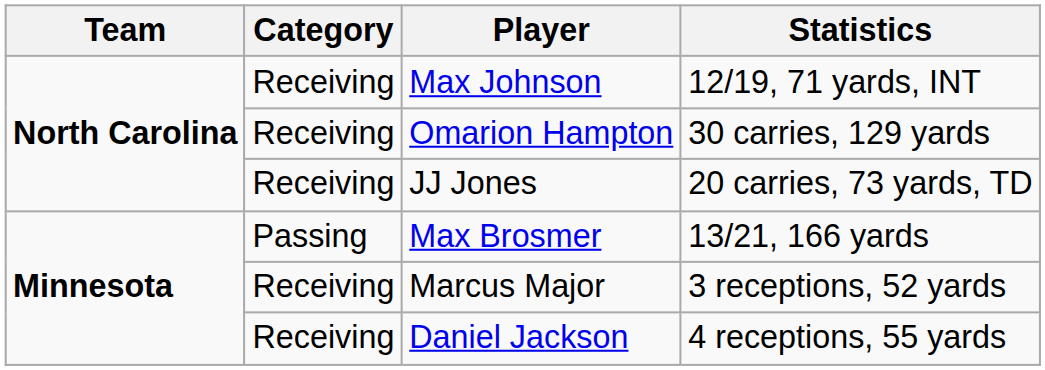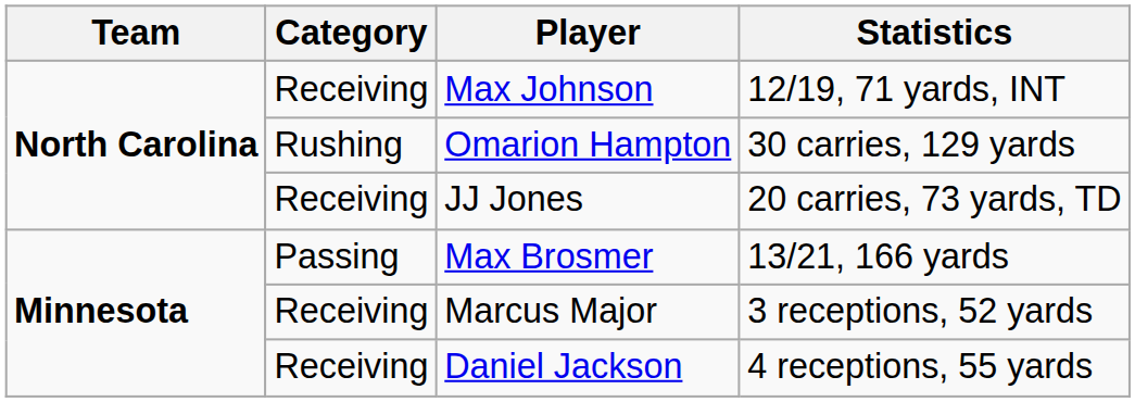 <table class="wikitable" style="float: right;">
 <tr>
 <th>Team</th>
 <th>Category</th>
 <th>Player</th>
 <th>Statistics</th>
 </tr>
 <tr>
 <td rowspan=3><strong>North Carolina</strong></td>
 <td>Receiving</td>
 <td><a href='#'>Max Johnson</a></td>
 <td>12/19, 71 yards, INT</td>
 </tr>
 <tr>
-<td>Receiving</td>
+<td>Rushing</td>
 <td><a href='#'>Omarion Hampton</a></td>
 <td>30 carries, 129 yards</td>
 </tr>
 <tr>
 <td>Receiving</td>
 <td>JJ Jones</td>
 <td>20 carries, 73 yards, TD</td>
 </tr>
 <tr>
 <td rowspan=3><strong>Minnesota</strong></td>
 <td>Passing</td>
 <td><a href='#'>Max Brosmer</a></td>
 <td>13/21, 166 yards</td>
 </tr>
 <tr>
 <td>Receiving</td>
 <td>Marcus Major</td>
 <td>3 receptions, 52 yards</td>
 </tr>
 <tr>
 <td>Receiving</td>
 <td><a href='#'>Daniel Jackson</a></td>
 <td>4 receptions, 55 yards</td>
 </tr>
 </table>
